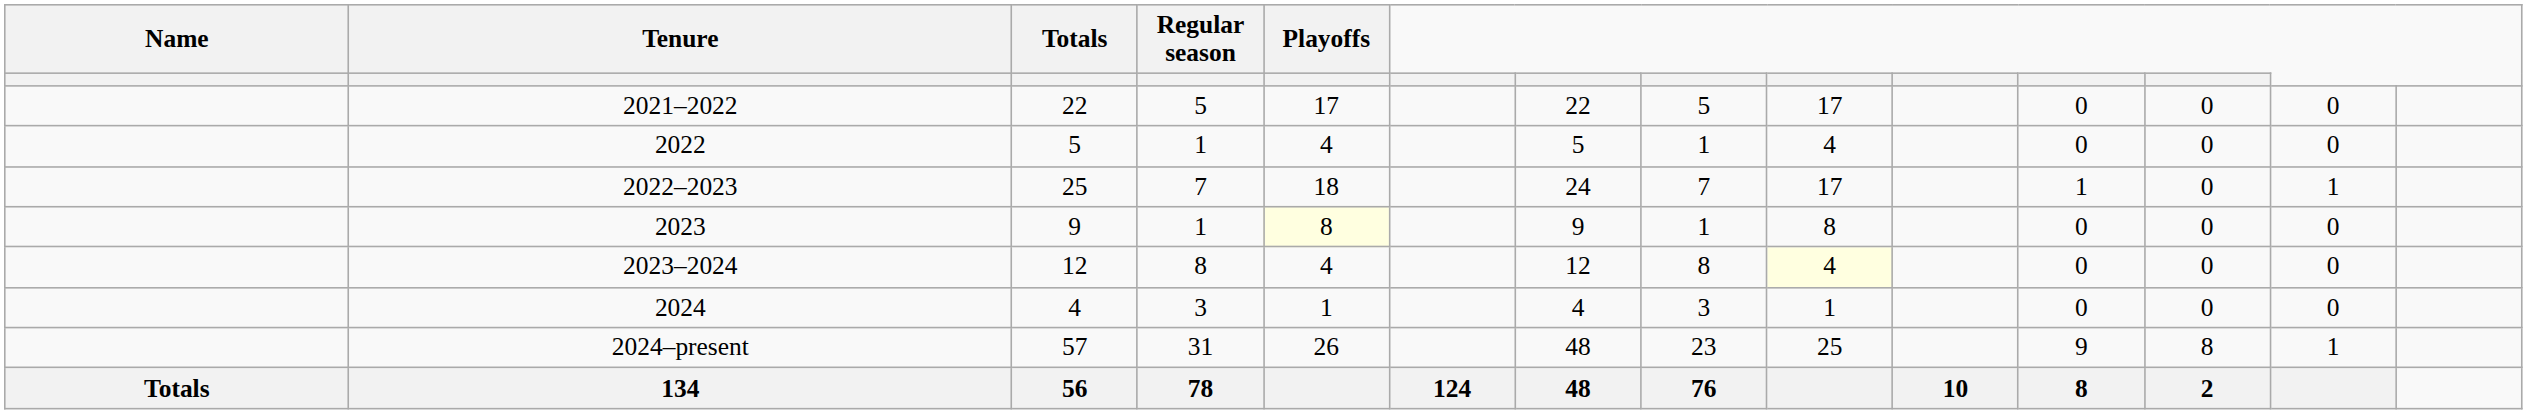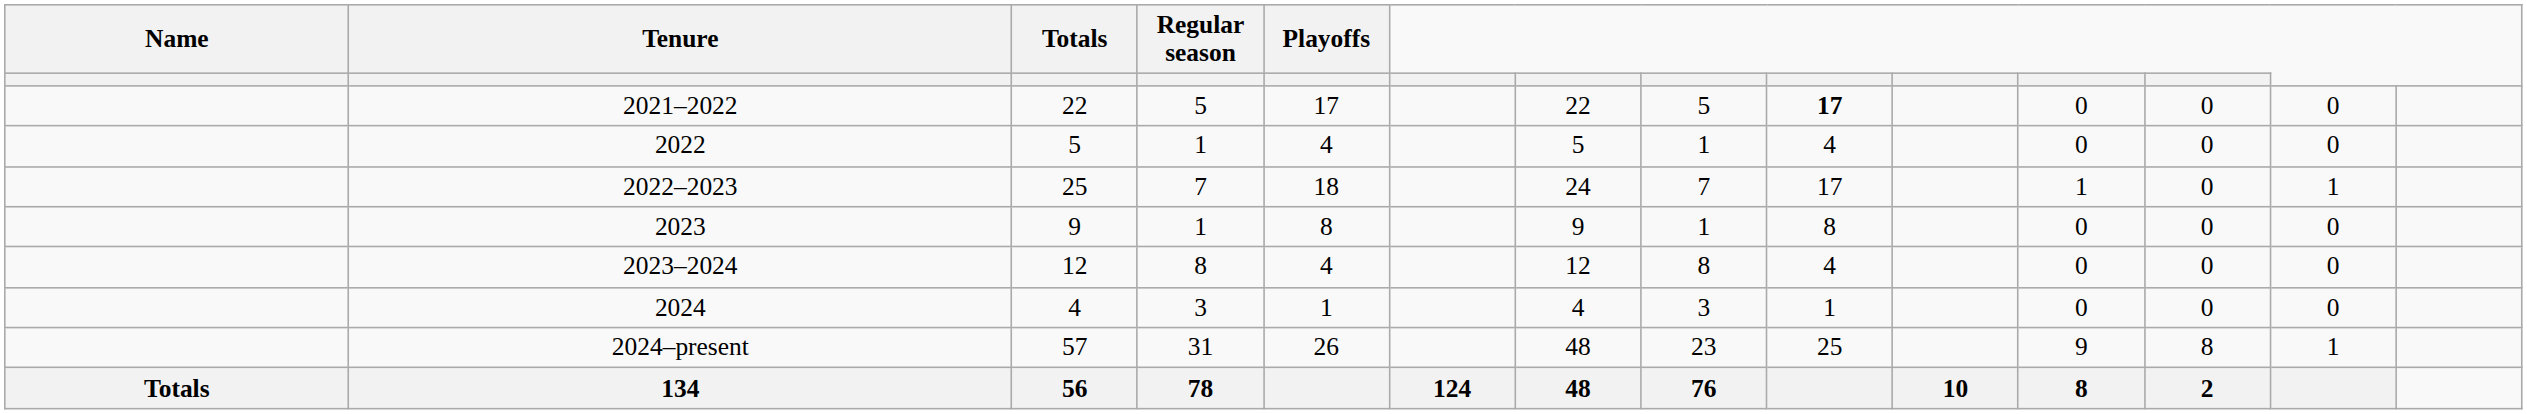 <table class="wikitable sortable" style="clear:both; margin:1.5em auto; text-align:center;">
 <tr>
 <th>Name</th>
 <th>Tenure</th>
 <th>Totals</th>
 <th>Regular season</th>
 <th>Playoffs</th>
 </tr>
 <tr>
 <th></th>
 <th></th>
 <th></th>
 <th></th>
 <th></th>
 <th></th>
 <th></th>
 <th></th>
 <th></th>
 <th></th>
 <th></th>
 <th></th>
 </tr>
 <tr>
 <td> </td>
 <td>2021–2022</td>
 <td style="width:5%;">22</td>
 <td style="width:5%;">5</td>
 <td style="width:5%;">17</td>
 <td style="width:5%;"></td>
 <td style="width:5%;">22</td>
 <td style="width:5%;">5</td>
-<td style="width:5%;">17</td>
+<td style="width:5%;"><strong>17</strong></td>
 <td style="width:5%;"></td>
 <td style="width:5%;">0</td>
 <td style="width:5%;">0</td>
 <td style="width:5%;">0</td>
 <td style="width:5%;"></td>
 </tr>
 <tr>
 <td> </td>
 <td>2022</td>
 <td style="width:5%;">5</td>
 <td style="width:5%;">1</td>
 <td style="width:5%;">4</td>
 <td style="width:5%;"></td>
 <td style="width:5%;">5</td>
 <td style="width:5%;">1</td>
 <td style="width:5%;">4</td>
 <td style="width:5%;"></td>
 <td style="width:5%;">0</td>
 <td style="width:5%;">0</td>
 <td style="width:5%;">0</td>
 <td style="width:5%;"></td>
 </tr>
 <tr>
 <td> </td>
 <td>2022–2023</td>
 <td style="width:5%;">25</td>
 <td style="width:5%;">7</td>
 <td style="width:5%;">18</td>
 <td style="width:5%;"></td>
 <td style="width:5%;">24</td>
 <td style="width:5%;">7</td>
 <td style="width:5%;">17</td>
 <td style="width:5%;"></td>
 <td style="width:5%;">1</td>
 <td style="width:5%;">0</td>
 <td style="width:5%;">1</td>
 <td style="width:5%;"></td>
 </tr>
 <tr>
 <td> </td>
 <td>2023</td>
 <td style="width:5%;">9</td>
 <td style="width:5%;">1</td>
-<td style="background: lightyellow; width:5%;">8</td>
+<td style="width:5%;">8</td>
 <td style="width:5%;"></td>
 <td style="width:5%;">9</td>
 <td style="width:5%;">1</td>
 <td style="width:5%;">8</td>
 <td style="width:5%;"></td>
 <td style="width:5%;">0</td>
 <td style="width:5%;">0</td>
 <td style="width:5%;">0</td>
 <td style="width:5%;"></td>
 </tr>
 <tr>
 <td> </td>
 <td>2023–2024</td>
 <td style="width:5%;">12</td>
 <td style="width:5%;">8</td>
 <td style="width:5%;">4</td>
 <td style="width:5%;"></td>
 <td style="width:5%;">12</td>
 <td style="width:5%;">8</td>
-<td style="background: lightyellow; width:5%;">4</td>
+<td style="width:5%;">4</td>
 <td style="width:5%;"></td>
 <td style="width:5%;">0</td>
 <td style="width:5%;">0</td>
 <td style="width:5%;">0</td>
 <td style="width:5%;"></td>
 </tr>
 <tr>
 <td> </td>
 <td>2024</td>
 <td style="width:5%;">4</td>
 <td style="width:5%;">3</td>
 <td style="width:5%;">1</td>
 <td style="width:5%;"></td>
 <td style="width:5%;">4</td>
 <td style="width:5%;">3</td>
 <td style="width:5%;">1</td>
 <td style="width:5%;"></td>
 <td style="width:5%;">0</td>
 <td style="width:5%;">0</td>
 <td style="width:5%;">0</td>
 <td style="width:5%;"></td>
 </tr>
 <tr>
 <td> </td>
 <td>2024–present</td>
 <td style="width:5%;">57</td>
 <td style="width:5%;">31</td>
 <td style="width:5%;">26</td>
 <td style="width:5%;"></td>
 <td style="width:5%;">48</td>
 <td style="width:5%;">23</td>
 <td style="width:5%;">25</td>
 <td style="width:5%;"></td>
 <td style="width:5%;">9</td>
 <td style="width:5%;">8</td>
 <td style="width:5%;">1</td>
 <td style="width:5%;"></td>
 </tr>
 <tr>
 <th>Totals</th>
 <th>134</th>
 <th>56</th>
 <th>78</th>
 <th></th>
 <th>124</th>
 <th>48</th>
 <th>76</th>
 <th></th>
 <th>10</th>
 <th>8</th>
 <th>2</th>
 <th></th>
 </tr>
 </table>
